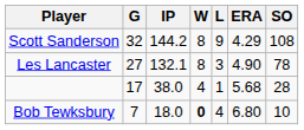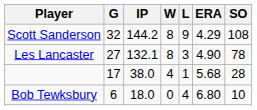 <table class="wikitable sortable" style="text-align:center">
 <tr>
 <th>Player</th>
 <th>G</th>
 <th>IP</th>
 <th>W</th>
 <th>L</th>
 <th>ERA</th>
 <th>SO</th>
 </tr>
 <tr>
 <td><a href='#'>Scott Sanderson</a></td>
 <td>32</td>
 <td>144.2</td>
 <td>8</td>
 <td>9</td>
 <td>4.29</td>
 <td>108</td>
 </tr>
 <tr>
 <td><a href='#'>Les Lancaster</a></td>
 <td>27</td>
 <td>132.1</td>
 <td>8</td>
 <td>3</td>
 <td>4.90</td>
 <td>78</td>
 </tr>
 <tr>
 <td></td>
 <td>17</td>
 <td>38.0</td>
 <td>4</td>
 <td>1</td>
 <td>5.68</td>
 <td>28</td>
 </tr>
 <tr>
 <td><a href='#'>Bob Tewksbury</a></td>
-<td>7</td>
+<td>6</td>
 <td>18.0</td>
-<td><strong>0</strong></td>
+<td>0</td>
 <td>4</td>
 <td>6.80</td>
 <td>10</td>
 </tr>
 </table>
